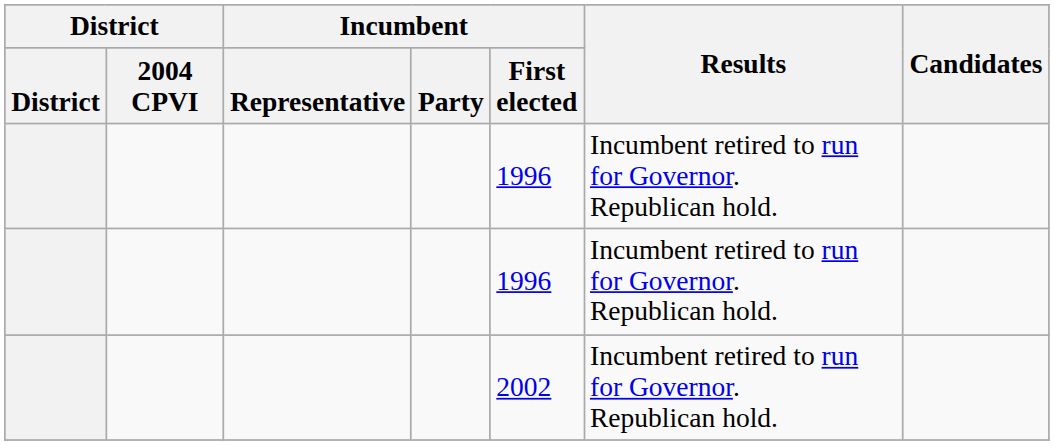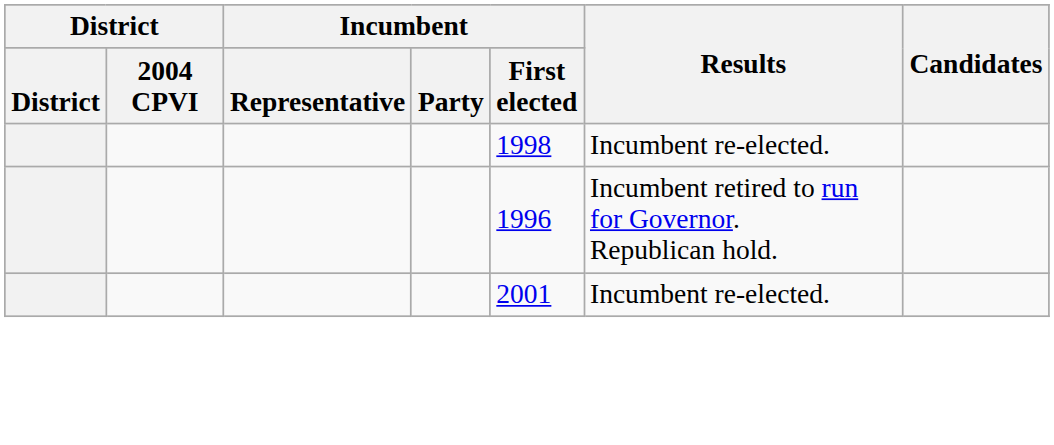 <table class="wikitable sortable">
 <tr>
 <th colspan=2>District</th>
 <th colspan=3>Incumbent</th>
 <th rowspan=2>Results</th>
 <th rowspan=2>Candidates</th>
 </tr>
 <tr valign=bottom>
 <th>District</th>
 <th>2004 CPVI</th>
 <th>Representative</th>
 <th>Party</th>
 <th>First<br>elected</th>
 </tr>
 <tr>
 <th></th>
 <td></td>
 <td></td>
 <td></td>
-<td><a href='#'>1996</a></td>
-<td>Incumbent retired to <a href='#'>run for Governor</a>.<br>Republican hold.</td>
+<td><a href='#'>1998</a></td>
+<td>Incumbent re-elected.</td>
 <td nowrap></td>
 </tr>
 <tr>
 <th></th>
 <td></td>
 <td></td>
 <td></td>
 <td><a href='#'>1996</a></td>
 <td>Incumbent retired to <a href='#'>run for Governor</a>.<br>Republican hold.</td>
 <td nowrap></td>
 </tr>
 <tr>
 <th></th>
 <td></td>
 <td></td>
 <td></td>
-<td><a href='#'>2002</a></td>
-<td>Incumbent retired to <a href='#'>run for Governor</a>.<br>Republican hold.</td>
+<td><a href='#'>2001</a></td>
+<td>Incumbent re-elected.</td>
 <td nowrap></td>
 </tr>
 </table>
